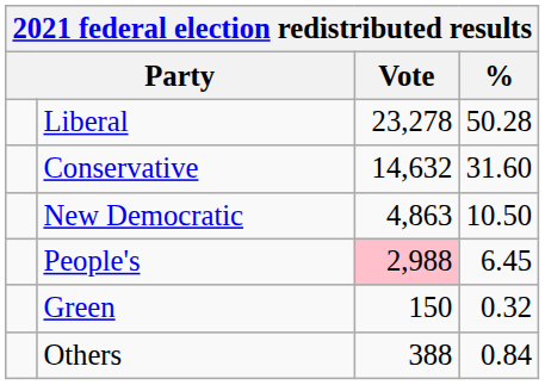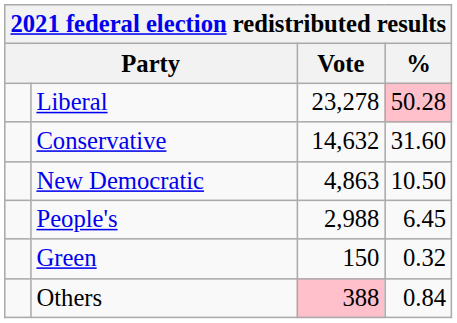 <table class="wikitable">
 <tr>
 <th colspan="4"><a href='#'>2021 federal election</a> redistributed results</th>
 </tr>
 <tr>
 <th bgcolor="#DDDDFF" width="130px" colspan="2">Party</th>
 <th bgcolor="#DDDDFF" width="50px">Vote</th>
 <th bgcolor="#DDDDFF" width="30px">%</th>
 </tr>
 <tr>
 <td> </td>
 <td><a href='#'>Liberal</a></td>
 <td align=right>23,278</td>
-<td align=right>50.28</td>
+<td align=right style="background: pink;">50.28</td>
 </tr>
 <tr>
 <td> </td>
 <td><a href='#'>Conservative</a></td>
 <td align=right>14,632</td>
 <td align=right>31.60</td>
 </tr>
 <tr>
 <td> </td>
 <td><a href='#'>New Democratic</a></td>
 <td align=right>4,863</td>
 <td align=right>10.50</td>
 </tr>
 <tr>
 <td> </td>
 <td><a href='#'>People's</a></td>
-<td align=right style="background: pink;">2,988</td>
+<td align=right>2,988</td>
 <td align=right>6.45</td>
 </tr>
 <tr>
 <td> </td>
 <td><a href='#'>Green</a></td>
 <td align=right>150</td>
 <td align=right>0.32</td>
 </tr>
 <tr>
 <td> </td>
 <td>Others</td>
-<td align=right>388</td>
+<td align=right style="background: pink;">388</td>
 <td align=right>0.84</td>
 </tr>
 </table>
